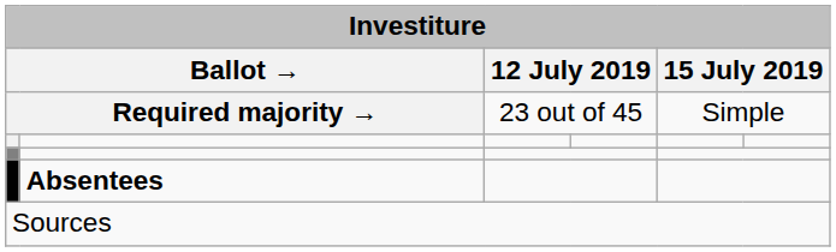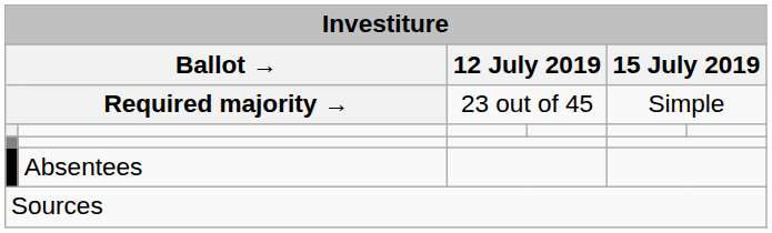 <table class="wikitable" style="text-align:center;">
 <tr bgcolor="#E9E9E9">
 <td colspan="6" align="center" bgcolor="#C0C0C0"><strong>Investiture</strong></td>
 </tr>
 <tr>
 <th colspan="2" width="275px">Ballot →</th>
 <th colspan="2">12 July 2019</th>
 <th colspan="2">15 July 2019</th>
 </tr>
 <tr>
 <th colspan="2">Required majority →</th>
 <td colspan="2">23 out of 45</td>
 <td colspan="2">Simple</td>
 </tr>
 <tr>
 <th width="1px" style="background:"></th>
 <td align="left"></td>
 <td></td>
 <td></td>
 <td></td>
 <td></td>
 </tr>
 <tr>
 <th style="background:gray;"></th>
 <td align="left"></td>
 <td colspan="2"></td>
 <td colspan="2"></td>
 </tr>
 <tr>
 <th style="background:black;"></th>
-<td align="left"><strong><span>Absentees</span></strong></td>
+<td align="left"><span>Absentees</span></td>
 <td colspan="2"></td>
 <td colspan="2"></td>
 </tr>
 <tr>
 <td align="left" colspan="6">Sources</td>
 </tr>
 </table>
